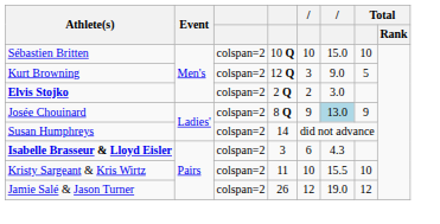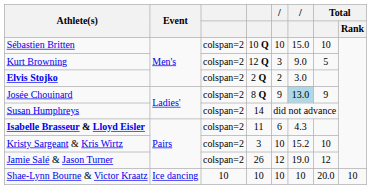 <table class="wikitable" style="font-size:90%">
 <tr>
 <th rowspan="2">Athlete(s)</th>
 <th rowspan="2">Event</th>
 <th></th>
 <th></th>
 <th>/</th>
 <th>/</th>
 <th colspan="2">Total</th>
 </tr>
 <tr>
 <th></th>
 <th></th>
 <th></th>
 <th></th>
 <th></th>
 <th>Rank</th>
 </tr>
 <tr align="center">
 <td align="left"><a href='#'>Sébastien Britten</a></td>
 <td align="left" rowspan=3><a href='#'>Men's</a></td>
 <td>colspan=2 </td>
 <td>10 <strong>Q</strong></td>
 <td>10</td>
 <td>15.0</td>
 <td>10</td>
 </tr>
 <tr align="center">
 <td align="left"><a href='#'>Kurt Browning</a></td>
 <td>colspan=2 </td>
 <td>12 <strong>Q</strong></td>
 <td>3</td>
 <td>9.0</td>
 <td>5</td>
 </tr>
 <tr align="center">
 <td align="left"><strong><a href='#'>Elvis Stojko</a></strong></td>
 <td>colspan=2 </td>
 <td>2 <strong>Q</strong></td>
 <td>2</td>
 <td>3.0</td>
 <td></td>
 </tr>
 <tr align="center">
 <td align="left"><a href='#'>Josée Chouinard</a></td>
 <td align="left" rowspan=2><a href='#'>Ladies'</a></td>
 <td>colspan=2 </td>
 <td>8 <strong>Q</strong></td>
 <td>9</td>
 <td style="background: lightblue;">13.0</td>
 <td>9</td>
 </tr>
 <tr align="center">
 <td align="left"><a href='#'>Susan Humphreys</a></td>
 <td>colspan=2 </td>
 <td>14</td>
 <td colspan=3>did not advance</td>
 </tr>
 <tr align="center">
 <td align="left"><strong><a href='#'>Isabelle Brasseur</a> & <a href='#'>Lloyd Eisler</a></strong></td>
 <td align="left" rowspan=3><a href='#'>Pairs</a></td>
 <td>colspan=2 </td>
-<td>3</td>
+<td>11</td>
 <td>6</td>
 <td>4.3</td>
 <td></td>
 </tr>
 <tr align="center">
 <td align="left"><a href='#'>Kristy Sargeant</a> & <a href='#'>Kris Wirtz</a></td>
 <td>colspan=2 </td>
-<td>11</td>
+<td>3</td>
 <td>10</td>
-<td>15.5</td>
+<td>15.2</td>
 <td>10</td>
 </tr>
 <tr align="center">
 <td align="left"><a href='#'>Jamie Salé</a> & <a href='#'>Jason Turner</a></td>
 <td>colspan=2 </td>
 <td>26</td>
 <td>12</td>
 <td>19.0</td>
 <td>12</td>
 </tr>
+<tr align="center">
+<td align="left"><a href='#'>Shae-Lynn Bourne</a> & <a href='#'>Victor Kraatz</a></td>
+<td align="left"><a href='#'>Ice dancing</a></td>
+<td>10</td>
+<td>10</td>
+<td>10</td>
+<td>10</td>
+<td>20.0</td>
+<td>10</td>
+</tr>
 </table>
